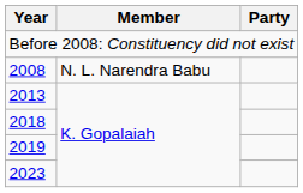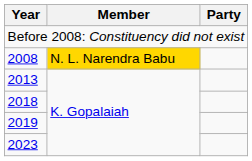 <table class="wikitable sortable">
 <tr>
 <th>Year</th>
 <th>Member</th>
 <th colspan="2">Party</th>
 </tr>
 <tr>
 <td colspan=4>Before 2008: <em>Constituency did not exist</em></td>
 </tr>
 <tr>
 <td><a href='#'>2008</a></td>
-<td>N. L. Narendra Babu</td>
+<td style="background: gold;">N. L. Narendra Babu</td>
 <td></td>
 </tr>
 <tr>
 <td><a href='#'>2013</a></td>
 <td rowspan="4"><a href='#'>K. Gopalaiah</a></td>
 <td></td>
 </tr>
 <tr>
 <td><a href='#'>2018</a></td>
 </tr>
 <tr>
 <td><a href='#'>2019</a></td>
 <td></td>
 </tr>
 <tr>
 <td><a href='#'>2023</a></td>
 </tr>
 </table>
